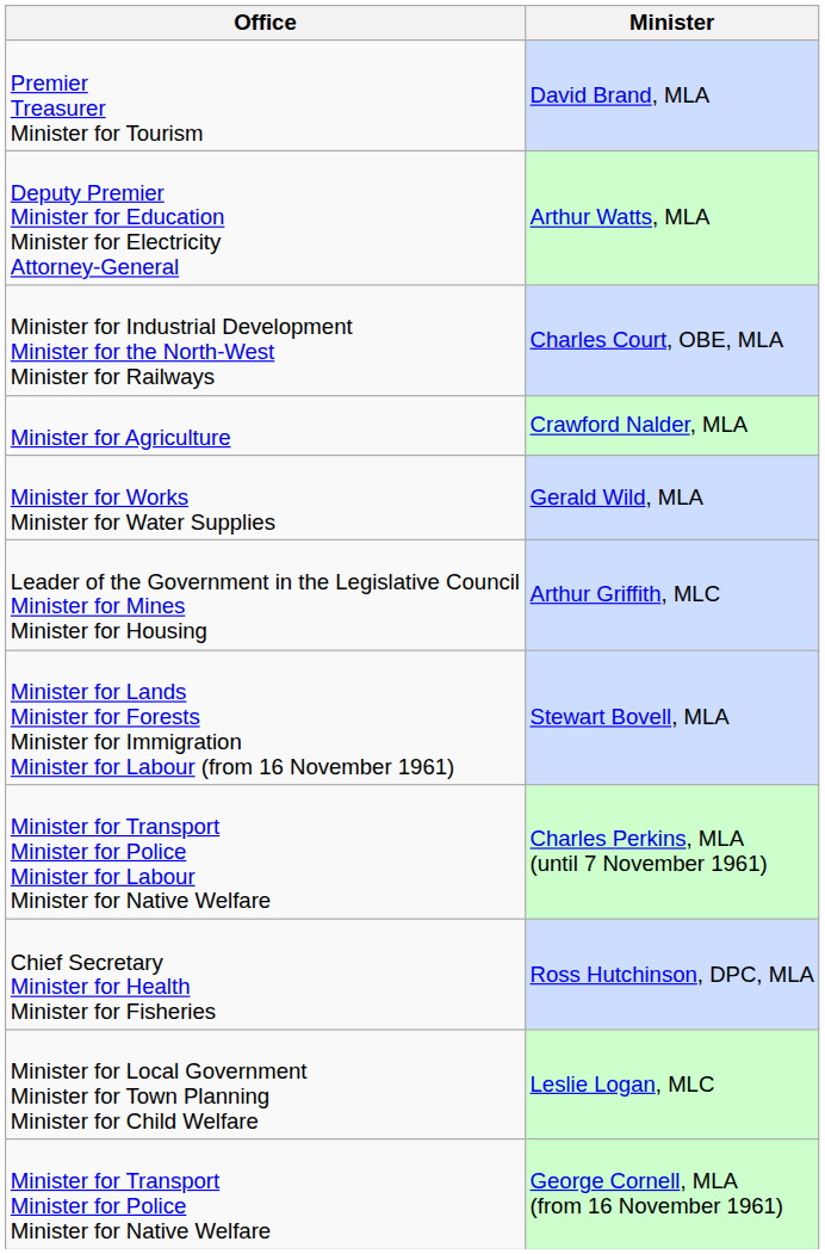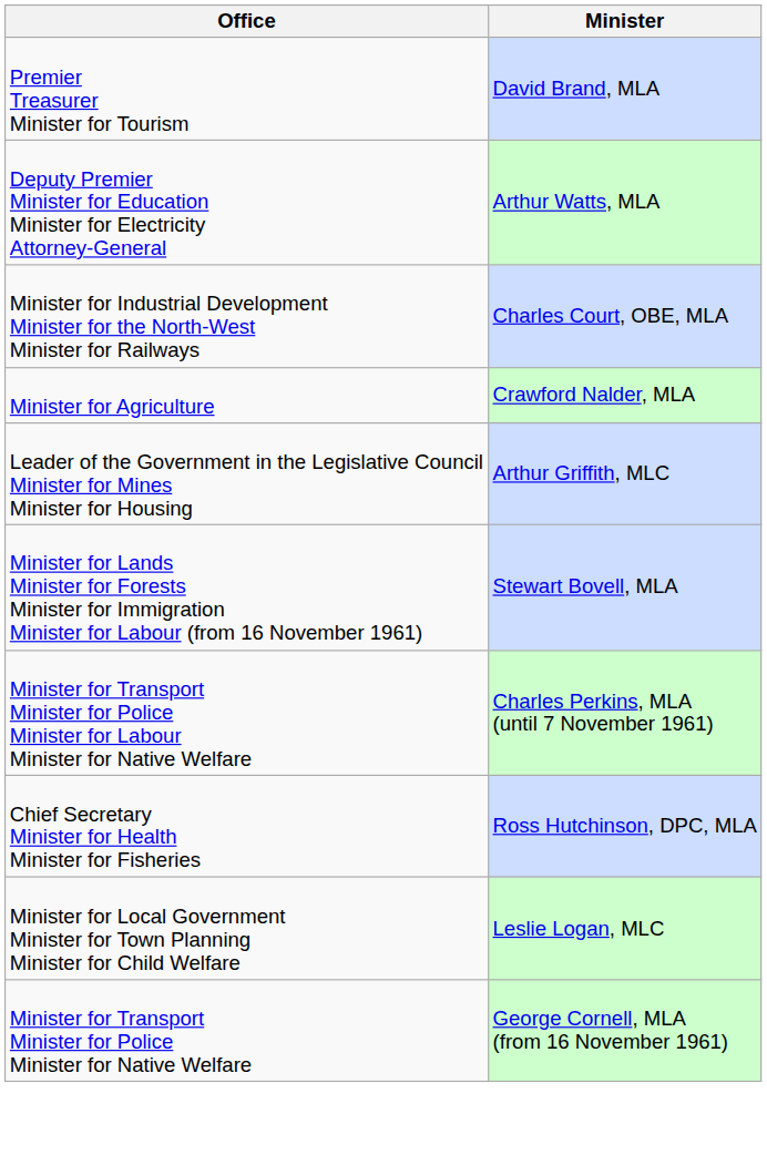 <table class="wikitable">
 <tr>
 <th>Office</th>
 <th>Minister</th>
 </tr>
 <tr>
 <td><br><a href='#'>Premier</a><br> <a href='#'>Treasurer</a><br> Minister for Tourism<br></td>
 <td style="background:#CCDDFF"><a href='#'>David Brand</a>, MLA</td>
 </tr>
 <tr>
 <td><br><a href='#'>Deputy Premier</a><br> <a href='#'>Minister for Education</a><br> Minister for Electricity<br> <a href='#'>Attorney-General</a><br></td>
 <td style="background:#CCFFCC"><a href='#'>Arthur Watts</a>, MLA</td>
 </tr>
 <tr>
 <td><br>Minister for Industrial Development<br> <a href='#'>Minister for the North-West</a><br> Minister for Railways<br></td>
 <td style="background:#CCDDFF"><a href='#'>Charles Court</a>, OBE, MLA</td>
 </tr>
 <tr>
 <td><br><a href='#'>Minister for Agriculture</a><br></td>
 <td style="background:#CCFFCC"><a href='#'>Crawford Nalder</a>, MLA</td>
-</tr>
-<tr>
-<td><br><a href='#'>Minister for Works</a><br> Minister for Water Supplies<br></td>
-<td style="background:#CCDDFF"><a href='#'>Gerald Wild</a>, MLA</td>
 </tr>
 <tr>
 <td><br>Leader of the Government in the Legislative Council<br> <a href='#'>Minister for Mines</a><br> Minister for Housing<br></td>
 <td style="background:#CCDDFF"><a href='#'>Arthur Griffith</a>, MLC</td>
 </tr>
 <tr>
 <td><br><a href='#'>Minister for Lands</a><br> <a href='#'>Minister for Forests</a><br> Minister for Immigration<br> <a href='#'>Minister for Labour</a> (from 16 November 1961)<br></td>
 <td style="background:#CCDDFF"><a href='#'>Stewart Bovell</a>, MLA</td>
 </tr>
 <tr>
 <td><br><a href='#'>Minister for Transport</a><br> <a href='#'>Minister for Police</a><br> <a href='#'>Minister for Labour</a><br> Minister for Native Welfare<br></td>
 <td style="background:#CCFFCC"><a href='#'>Charles Perkins</a>, MLA<br>(until 7 November 1961)</td>
 </tr>
 <tr>
 <td><br>Chief Secretary<br> <a href='#'>Minister for Health</a><br> Minister for Fisheries<br></td>
 <td style="background:#CCDDFF"><a href='#'>Ross Hutchinson</a>, DPC, MLA</td>
 </tr>
 <tr>
 <td><br>Minister for Local Government<br> Minister for Town Planning<br> Minister for Child Welfare<br></td>
 <td style="background:#CCFFCC"><a href='#'>Leslie Logan</a>, MLC</td>
 </tr>
 <tr>
 <td><br><a href='#'>Minister for Transport</a><br> <a href='#'>Minister for Police</a><br> Minister for Native Welfare</td>
 <td style="background:#CCFFCC"><a href='#'>George Cornell</a>, MLA<br>(from 16 November 1961)</td>
 </tr>
 </table>
